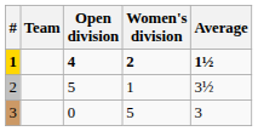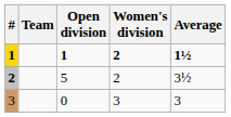 <table class="wikitable" style="font-size: 95%;">
 <tr>
 <th>#</th>
 <th>Team</th>
 <th>Open<br>division</th>
 <th>Women's<br>division</th>
 <th>Average</th>
 </tr>
 <tr>
 <td style="background:gold;"><strong>1</strong></td>
 <td><strong></strong></td>
-<td><strong>4</strong></td>
+<td><strong>1</strong></td>
 <td><strong>2</strong></td>
 <td><strong>1½</strong></td>
 </tr>
 <tr>
-<td style="background:silver;">2</td>
+<td style="background:silver;"><strong>2</strong></td>
 <td></td>
 <td>5</td>
-<td>1</td>
+<td>2</td>
 <td>3½</td>
 </tr>
 <tr>
 <td style="background:#cc9966;">3</td>
 <td></td>
 <td>0</td>
-<td>5</td>
+<td>3</td>
 <td>3</td>
 </tr>
 </table>
